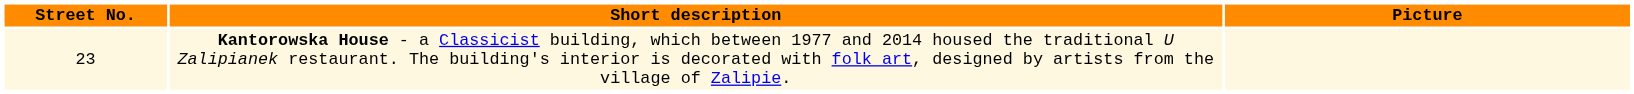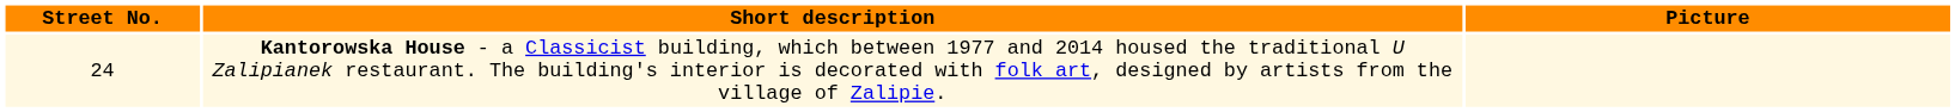 <table>
 <tr ---- bgcolor="#FF 8C 00">
 <th width=4%>Street No.</th>
 <th width=26%>Short description</th>
 <th width=10%>Picture</th>
 </tr>
 <tr ---- bgcolor="#FFF8E1">
-<td align="center">23</td>
+<td align="center">24</td>
 <td align="center"><strong>Kantorowska House</strong> - a <a href='#'>Classicist</a> building, which between 1977 and 2014 housed the traditional <em>U Zalipianek</em> restaurant. The building's interior is decorated with <a href='#'>folk art</a>, designed by artists from the village of <a href='#'>Zalipie</a>.</td>
 <td align="center"></td>
 </tr>
 </table>
